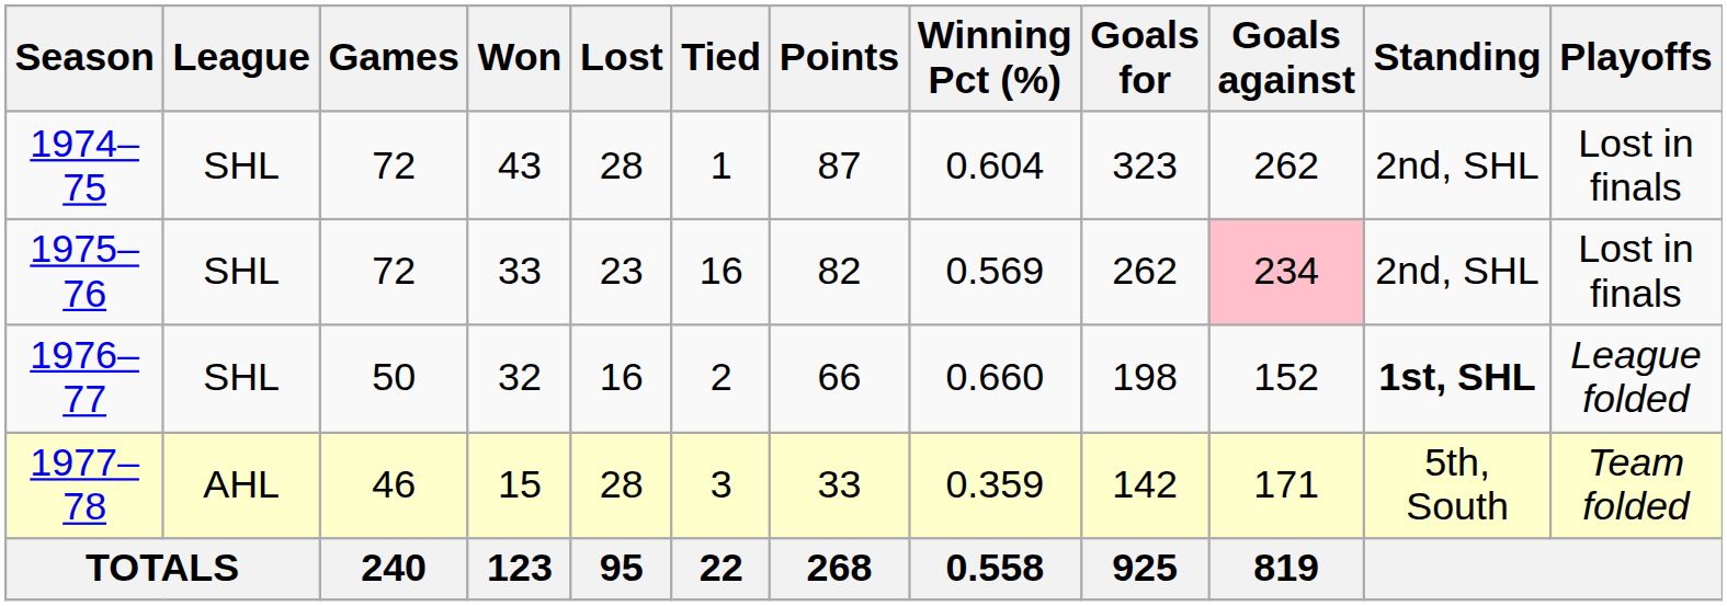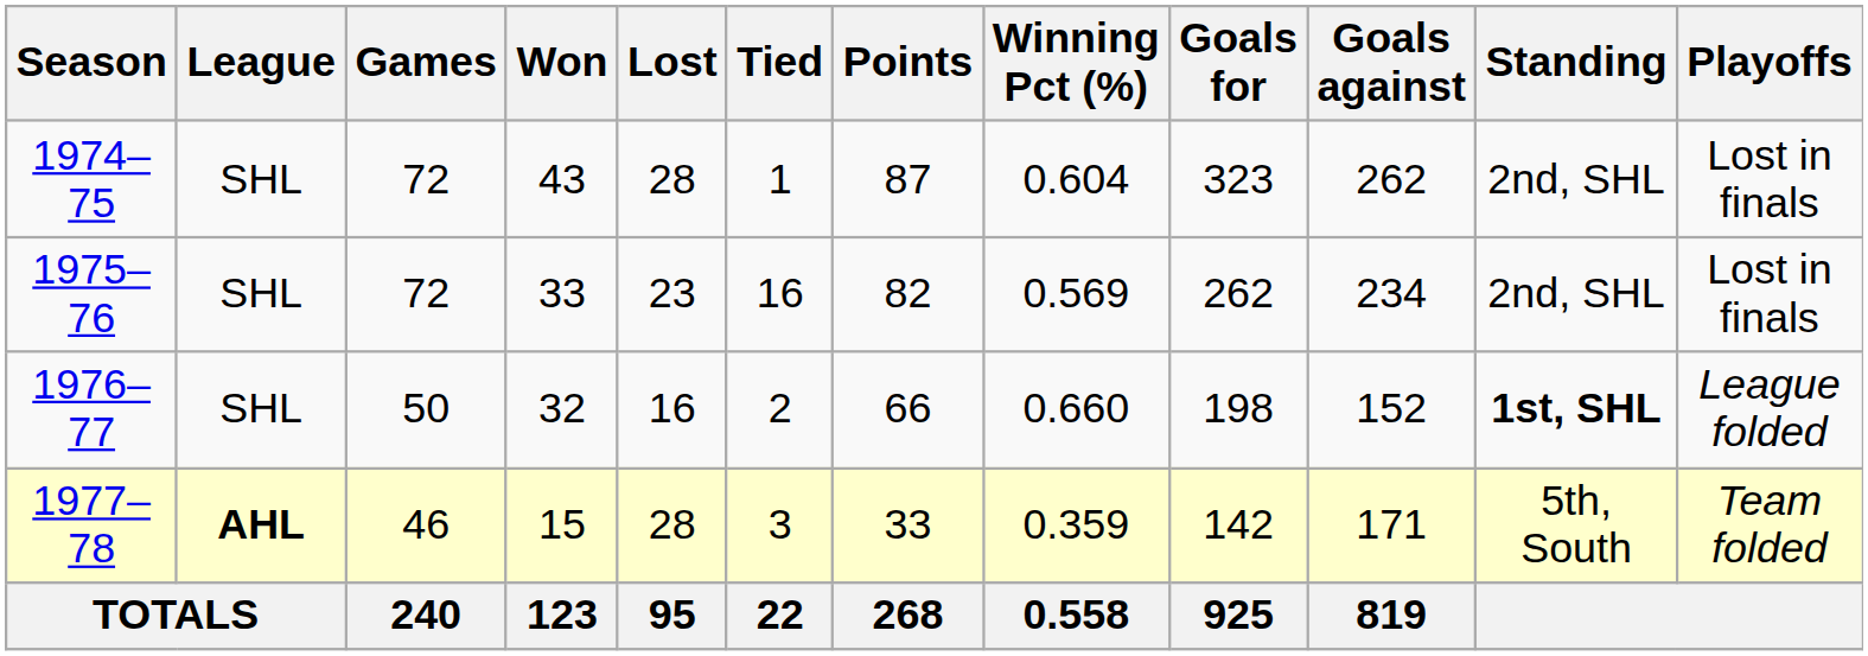 <table class="wikitable" style="text-align:center">
 <tr>
 <th>Season</th>
 <th>League</th>
 <th>Games</th>
 <th>Won</th>
 <th>Lost</th>
 <th>Tied</th>
 <th>Points</th>
 <th>Winning<br>Pct (%)</th>
 <th>Goals<br>for</th>
 <th>Goals<br>against</th>
 <th>Standing</th>
 <th>Playoffs</th>
 </tr>
 <tr>
 <td><a href='#'>1974–75</a></td>
 <td>SHL</td>
 <td>72</td>
 <td>43</td>
 <td>28</td>
 <td>1</td>
 <td>87</td>
 <td>0.604</td>
 <td>323</td>
 <td>262</td>
 <td>2nd, SHL</td>
 <td>Lost in finals</td>
 </tr>
 <tr>
 <td><a href='#'>1975–76</a></td>
 <td>SHL</td>
 <td>72</td>
 <td>33</td>
 <td>23</td>
 <td>16</td>
 <td>82</td>
 <td>0.569</td>
 <td>262</td>
-<td style="background: pink;">234</td>
+<td>234</td>
 <td>2nd, SHL</td>
 <td>Lost in finals</td>
 </tr>
 <tr>
 <td><a href='#'>1976–77</a></td>
 <td>SHL</td>
 <td>50</td>
 <td>32</td>
 <td>16</td>
 <td>2</td>
 <td>66</td>
 <td>0.660</td>
 <td>198</td>
 <td>152</td>
 <td><strong>1st, SHL</strong></td>
 <td><em>League folded</em></td>
 </tr>
 <tr bgcolor="#ffffcc">
 <td><a href='#'>1977–78</a></td>
-<td>AHL</td>
+<td><strong>AHL</strong></td>
 <td>46</td>
 <td>15</td>
 <td>28</td>
 <td>3</td>
 <td>33</td>
 <td>0.359</td>
 <td>142</td>
 <td>171</td>
 <td>5th, South</td>
 <td><em>Team folded</em></td>
 </tr>
 <tr>
 <th colspan="2">TOTALS</th>
 <th>240</th>
 <th>123</th>
 <th>95</th>
 <th>22</th>
 <th>268</th>
 <th>0.558</th>
 <th>925</th>
 <th>819</th>
 <th colspan="2"> </th>
 </tr>
 </table>
